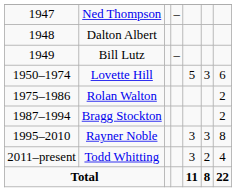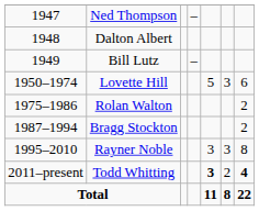 <table class="wikitable sortable" style="text-align:center">
 <tr>
 </tr>
 <tr>
 <td>1947</td>
 <td><a href='#'>Ned Thompson</a></td>
 <td></td>
 <td>–</td>
 <td></td>
 <td></td>
 <td></td>
 </tr>
 <tr>
 <td>1948</td>
 <td>Dalton Albert</td>
 <td></td>
 <td></td>
 <td></td>
 <td></td>
 <td></td>
 </tr>
 <tr>
 <td>1949</td>
 <td>Bill Lutz</td>
 <td></td>
 <td>–</td>
 <td></td>
 <td></td>
 <td></td>
 </tr>
 <tr>
 <td>1950–1974</td>
 <td><a href='#'>Lovette Hill</a></td>
 <td></td>
 <td></td>
 <td>5</td>
 <td>3</td>
 <td>6</td>
 </tr>
 <tr>
 <td>1975–1986</td>
 <td><a href='#'>Rolan Walton</a></td>
 <td></td>
 <td></td>
 <td></td>
 <td></td>
 <td>2</td>
 </tr>
 <tr>
 <td>1987–1994</td>
 <td><a href='#'>Bragg Stockton</a></td>
 <td></td>
 <td></td>
 <td></td>
 <td></td>
 <td>2</td>
 </tr>
 <tr>
 <td>1995–2010</td>
 <td><a href='#'>Rayner Noble</a></td>
 <td></td>
 <td></td>
 <td>3</td>
 <td>3</td>
 <td>8</td>
 </tr>
 <tr>
 <td>2011–present</td>
 <td><a href='#'>Todd Whitting</a></td>
 <td></td>
 <td></td>
-<td>3</td>
+<td><strong>3</strong></td>
 <td>2</td>
-<td>4</td>
+<td><strong>4</strong></td>
 </tr>
 <tr style="text-align:center; ">
 <td colspan="2"><strong>Total</strong></td>
 <td><strong></strong></td>
 <td></td>
 <td><strong>11</strong></td>
 <td><strong>8</strong></td>
 <td><strong>22</strong></td>
 </tr>
 </table>
